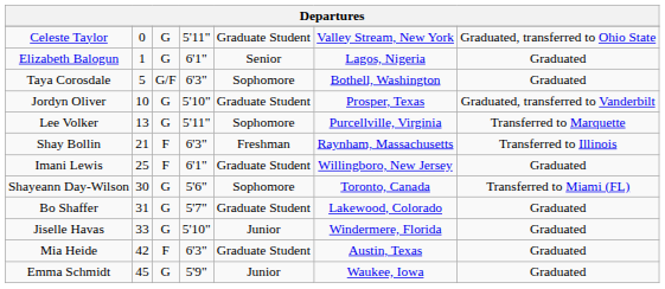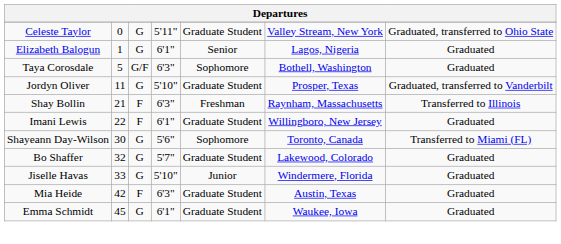 <table class="wikitable sortable" border="1" style="text-align: center;">
 <tr>
 <th colspan=7>Departures</th>
 </tr>
 <tr align=center>
 </tr>
 <tr>
 <td><a href='#'>Celeste Taylor</a></td>
 <td>0</td>
 <td>G</td>
 <td>5'11"</td>
 <td>Graduate Student</td>
 <td><a href='#'>Valley Stream, New York</a></td>
 <td>Graduated, transferred to <a href='#'>Ohio State</a></td>
 </tr>
 <tr>
 <td><a href='#'>Elizabeth Balogun</a></td>
 <td>1</td>
 <td>G</td>
 <td>6'1"</td>
 <td>Senior</td>
 <td><a href='#'>Lagos, Nigeria</a></td>
 <td>Graduated</td>
 </tr>
 <tr>
 <td>Taya Corosdale</td>
 <td>5</td>
 <td>G/F</td>
 <td>6'3"</td>
 <td>Sophomore</td>
 <td><a href='#'>Bothell, Washington</a></td>
 <td>Graduated</td>
 </tr>
 <tr>
 <td>Jordyn Oliver</td>
-<td>10</td>
+<td>11</td>
 <td>G</td>
 <td>5'10"</td>
 <td>Graduate Student</td>
 <td><a href='#'>Prosper, Texas</a></td>
 <td>Graduated, transferred to <a href='#'>Vanderbilt</a></td>
-</tr>
-<tr>
-<td>Lee Volker</td>
-<td>13</td>
-<td>G</td>
-<td>5'11"</td>
-<td>Sophomore</td>
-<td><a href='#'>Purcellville, Virginia</a></td>
-<td>Transferred to <a href='#'>Marquette</a></td>
 </tr>
 <tr>
 <td>Shay Bollin</td>
 <td>21</td>
 <td>F</td>
 <td>6'3"</td>
 <td>Freshman</td>
 <td><a href='#'>Raynham, Massachusetts</a></td>
 <td>Transferred to <a href='#'>Illinois</a></td>
 </tr>
 <tr>
 <td>Imani Lewis</td>
-<td>25</td>
+<td>22</td>
 <td>F</td>
 <td>6'1"</td>
 <td>Graduate Student</td>
 <td><a href='#'>Willingboro, New Jersey</a></td>
 <td>Graduated</td>
 </tr>
 <tr>
 <td>Shayeann Day-Wilson</td>
 <td>30</td>
 <td>G</td>
 <td>5'6"</td>
 <td>Sophomore</td>
 <td><a href='#'>Toronto, Canada</a></td>
 <td>Transferred to <a href='#'>Miami (FL)</a></td>
 </tr>
 <tr>
 <td>Bo Shaffer</td>
-<td>31</td>
+<td>32</td>
 <td>G</td>
 <td>5'7"</td>
 <td>Graduate Student</td>
 <td><a href='#'>Lakewood, Colorado</a></td>
 <td>Graduated</td>
 </tr>
 <tr>
 <td>Jiselle Havas</td>
 <td>33</td>
 <td>G</td>
 <td>5'10"</td>
 <td> Junior</td>
 <td><a href='#'>Windermere, Florida</a></td>
 <td>Graduated</td>
 </tr>
 <tr>
 <td>Mia Heide</td>
 <td>42</td>
 <td>F</td>
 <td>6'3"</td>
 <td>Graduate Student</td>
 <td><a href='#'>Austin, Texas</a></td>
 <td>Graduated</td>
 </tr>
 <tr>
 <td>Emma Schmidt</td>
 <td>45</td>
 <td>G</td>
-<td>5'9"</td>
-<td> Junior</td>
+<td>6'1"</td>
+<td>Graduate Student</td>
 <td><a href='#'>Waukee, Iowa</a></td>
 <td>Graduated</td>
 </tr>
 </table>
